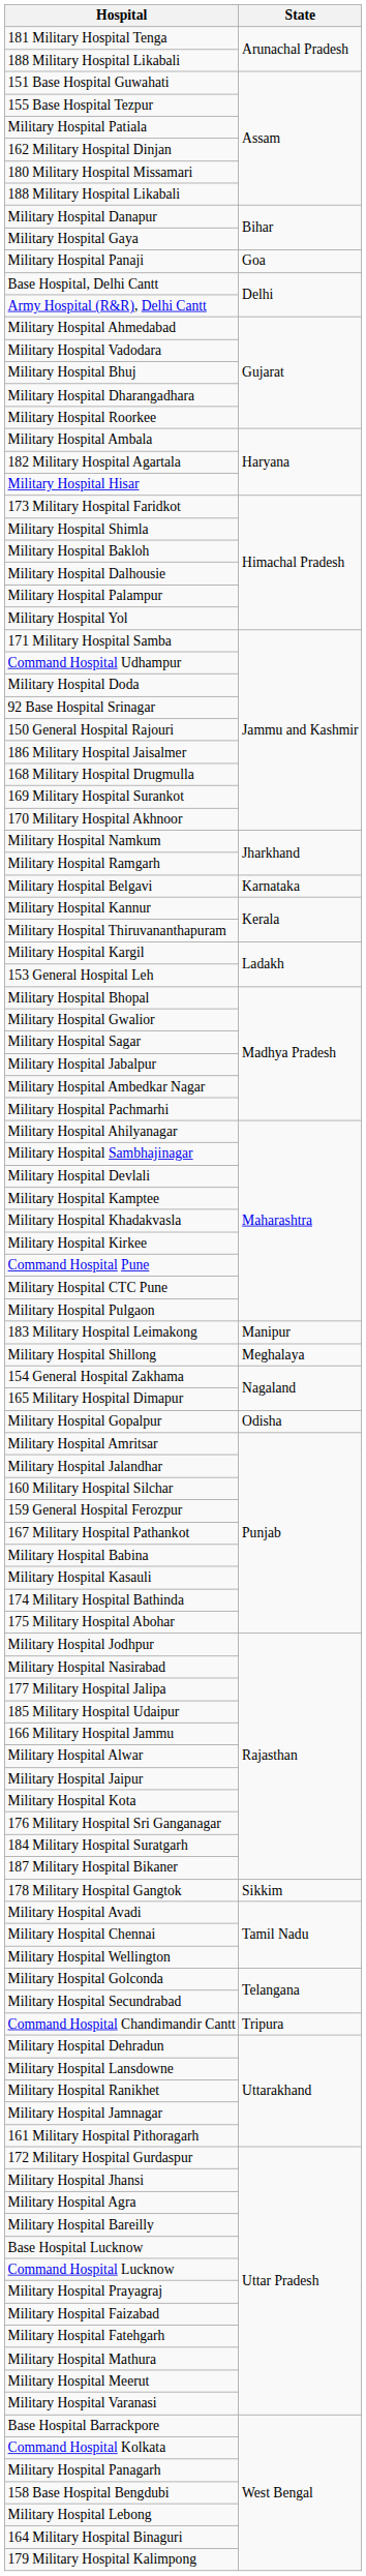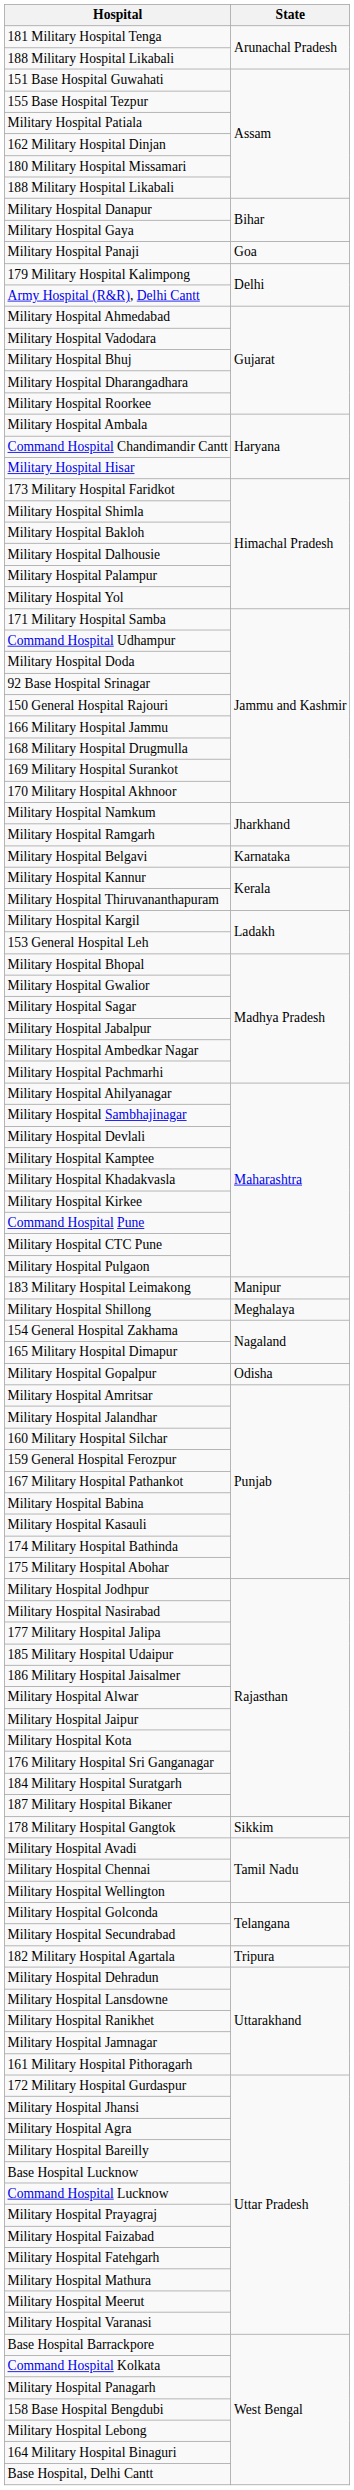 <table class="wikitable sortable">
 <tr>
 <th style="text-align:center;">Hospital</th>
 <th style="text-align:center;">State</th>
 </tr>
 <tr>
 <td>181 Military Hospital Tenga</td>
 <td rowspan="2">Arunachal Pradesh</td>
 </tr>
 <tr>
 <td>188 Military Hospital Likabali</td>
 </tr>
 <tr>
 <td>151 Base Hospital Guwahati</td>
 <td rowspan="6">Assam</td>
 </tr>
 <tr>
 <td>155 Base Hospital Tezpur</td>
 </tr>
 <tr>
 <td>Military Hospital Patiala</td>
 </tr>
 <tr>
 <td>162 Military Hospital Dinjan</td>
 </tr>
 <tr>
 <td>180 Military Hospital Missamari</td>
 </tr>
 <tr>
 <td>188 Military Hospital Likabali</td>
 </tr>
 <tr>
 <td>Military Hospital Danapur</td>
 <td rowspan="2">Bihar</td>
 </tr>
 <tr>
 <td>Military Hospital Gaya</td>
 </tr>
 <tr>
 <td>Military Hospital Panaji</td>
 <td>Goa</td>
 </tr>
 <tr>
-<td>Base Hospital, Delhi Cantt</td>
+<td>179 Military Hospital Kalimpong</td>
 <td rowspan="2">Delhi</td>
 </tr>
 <tr>
 <td><a href='#'>Army Hospital (R&R)</a>, <a href='#'> Delhi Cantt</a></td>
 </tr>
 <tr>
 <td>Military Hospital Ahmedabad</td>
 <td rowspan="5">Gujarat</td>
 </tr>
 <tr>
 <td>Military Hospital Vadodara</td>
 </tr>
 <tr>
 <td>Military Hospital Bhuj</td>
 </tr>
 <tr>
 <td>Military Hospital Dharangadhara</td>
 </tr>
 <tr>
 <td>Military Hospital Roorkee</td>
 </tr>
 <tr>
 <td>Military Hospital Ambala</td>
 <td rowspan="3">Haryana</td>
 </tr>
 <tr>
-<td>182 Military Hospital Agartala</td>
+<td><a href='#'>Command Hospital</a> Chandimandir Cantt</td>
 </tr>
 <tr>
 <td><a href='#'>Military Hospital Hisar</a></td>
 </tr>
 <tr>
 <td>173 Military Hospital Faridkot</td>
 <td rowspan="6">Himachal Pradesh</td>
 </tr>
 <tr>
 <td>Military Hospital Shimla</td>
 </tr>
 <tr>
 <td>Military Hospital Bakloh</td>
 </tr>
 <tr>
 <td>Military Hospital Dalhousie</td>
 </tr>
 <tr>
 <td>Military Hospital Palampur</td>
 </tr>
 <tr>
 <td>Military Hospital Yol</td>
 </tr>
 <tr>
 <td>171 Military Hospital Samba</td>
 <td rowspan="9">Jammu and Kashmir</td>
 </tr>
 <tr>
 <td><a href='#'>Command Hospital</a> Udhampur</td>
 </tr>
 <tr>
 <td>Military Hospital Doda</td>
 </tr>
 <tr>
 <td>92 Base Hospital Srinagar</td>
 </tr>
 <tr>
 <td>150 General Hospital Rajouri</td>
 </tr>
 <tr>
-<td>186 Military Hospital Jaisalmer</td>
+<td>166 Military Hospital Jammu</td>
 </tr>
 <tr>
 <td>168 Military Hospital Drugmulla</td>
 </tr>
 <tr>
 <td>169 Military Hospital Surankot</td>
 </tr>
 <tr>
 <td>170 Military Hospital Akhnoor</td>
 </tr>
 <tr>
 <td>Military Hospital Namkum</td>
 <td rowspan="2">Jharkhand</td>
 </tr>
 <tr>
 <td>Military Hospital Ramgarh</td>
 </tr>
 <tr>
 <td>Military Hospital Belgavi</td>
 <td rowspan="1">Karnataka</td>
 </tr>
 <tr>
 <td>Military Hospital Kannur</td>
 <td rowspan="2">Kerala</td>
 </tr>
 <tr>
 <td>Military Hospital Thiruvananthapuram</td>
 </tr>
 <tr>
 <td>Military Hospital Kargil</td>
 <td rowspan="2">Ladakh</td>
 </tr>
 <tr>
 <td>153 General Hospital Leh</td>
 </tr>
 <tr>
 <td>Military Hospital Bhopal</td>
 <td rowspan="6">Madhya Pradesh</td>
 </tr>
 <tr>
 <td>Military Hospital Gwalior</td>
 </tr>
 <tr>
 <td>Military Hospital Sagar</td>
 </tr>
 <tr>
 <td>Military Hospital Jabalpur</td>
 </tr>
 <tr>
 <td>Military Hospital Ambedkar Nagar</td>
 </tr>
 <tr>
 <td>Military Hospital Pachmarhi</td>
 </tr>
 <tr>
 <td>Military Hospital Ahilyanagar</td>
 <td rowspan="9"><a href='#'>Maharashtra</a></td>
 </tr>
 <tr>
 <td>Military Hospital <a href='#'> Sambhajinagar</a></td>
 </tr>
 <tr>
 <td>Military Hospital Devlali</td>
 </tr>
 <tr>
 <td>Military Hospital Kamptee</td>
 </tr>
 <tr>
 <td>Military Hospital Khadakvasla</td>
 </tr>
 <tr>
 <td>Military Hospital Kirkee</td>
 </tr>
 <tr>
 <td><a href='#'>Command Hospital</a> <a href='#'>Pune</a></td>
 </tr>
 <tr>
 <td>Military Hospital CTC Pune</td>
 </tr>
 <tr>
 <td>Military Hospital Pulgaon</td>
 </tr>
 <tr>
 <td>183 Military Hospital Leimakong</td>
 <td>Manipur</td>
 </tr>
 <tr>
 <td>Military Hospital Shillong</td>
 <td>Meghalaya</td>
 </tr>
 <tr>
 <td>154 General Hospital Zakhama</td>
 <td rowspan="2">Nagaland</td>
 </tr>
 <tr>
 <td>165 Military Hospital Dimapur</td>
 </tr>
 <tr>
 <td>Military Hospital Gopalpur</td>
 <td>Odisha</td>
 </tr>
 <tr>
 <td>Military Hospital Amritsar</td>
 <td rowspan="9">Punjab</td>
 </tr>
 <tr>
 <td>Military Hospital Jalandhar</td>
 </tr>
 <tr>
 <td>160 Military Hospital Silchar</td>
 </tr>
 <tr>
 <td>159 General Hospital Ferozpur</td>
 </tr>
 <tr>
 <td>167 Military Hospital Pathankot</td>
 </tr>
 <tr>
 <td>Military Hospital Babina</td>
 </tr>
 <tr>
 <td>Military Hospital Kasauli</td>
 </tr>
 <tr>
 <td>174 Military Hospital Bathinda</td>
 </tr>
 <tr>
 <td>175 Military Hospital Abohar</td>
 </tr>
 <tr>
 <td>Military Hospital Jodhpur</td>
 <td rowspan="11">Rajasthan</td>
 </tr>
 <tr>
 <td>Military Hospital Nasirabad</td>
 </tr>
 <tr>
 <td>177 Military Hospital Jalipa</td>
 </tr>
 <tr>
 <td>185 Military Hospital Udaipur</td>
 </tr>
 <tr>
-<td>166 Military Hospital Jammu</td>
+<td>186 Military Hospital Jaisalmer</td>
 </tr>
 <tr>
 <td>Military Hospital Alwar</td>
 </tr>
 <tr>
 <td>Military Hospital Jaipur</td>
 </tr>
 <tr>
 <td>Military Hospital Kota</td>
 </tr>
 <tr>
 <td>176 Military Hospital Sri Ganganagar</td>
 </tr>
 <tr>
 <td>184 Military Hospital Suratgarh</td>
 </tr>
 <tr>
 <td>187 Military Hospital Bikaner</td>
 </tr>
 <tr>
 <td>178 Military Hospital Gangtok</td>
 <td>Sikkim</td>
 </tr>
 <tr>
 <td>Military Hospital Avadi</td>
 <td rowspan= "3">Tamil Nadu</td>
 </tr>
 <tr>
 <td>Military Hospital Chennai</td>
 </tr>
 <tr>
 <td>Military Hospital Wellington</td>
 </tr>
 <tr>
 <td>Military Hospital Golconda</td>
 <td rowspan="2">Telangana</td>
 </tr>
 <tr>
 <td>Military Hospital Secundrabad</td>
 </tr>
 <tr>
-<td><a href='#'>Command Hospital</a> Chandimandir Cantt</td>
+<td>182 Military Hospital Agartala</td>
 <td>Tripura</td>
 </tr>
 <tr>
 <td>Military Hospital Dehradun</td>
 <td rowspan="5">Uttarakhand</td>
 </tr>
 <tr>
 <td>Military Hospital Lansdowne</td>
 </tr>
 <tr>
 <td>Military Hospital Ranikhet</td>
 </tr>
 <tr>
 <td>Military Hospital Jamnagar</td>
 </tr>
 <tr>
 <td>161 Military Hospital Pithoragarh</td>
 </tr>
 <tr 2009 field hospital Joshimath>
 <td>172 Military Hospital Gurdaspur</td>
 <td rowspan="12">Uttar Pradesh</td>
 </tr>
 <tr>
 <td>Military Hospital Jhansi</td>
 </tr>
 <tr>
 <td>Military Hospital Agra</td>
 </tr>
 <tr>
 <td>Military Hospital Bareilly</td>
 </tr>
 <tr>
 <td>Base Hospital Lucknow</td>
 </tr>
 <tr>
 <td><a href='#'>Command Hospital</a> Lucknow</td>
 </tr>
 <tr>
 <td>Military Hospital Prayagraj</td>
 </tr>
 <tr>
 <td>Military Hospital Faizabad</td>
 </tr>
 <tr>
 <td>Military Hospital Fatehgarh</td>
 </tr>
 <tr>
 <td>Military Hospital Mathura</td>
 </tr>
 <tr>
 <td>Military Hospital Meerut</td>
 </tr>
 <tr>
 <td>Military Hospital Varanasi</td>
 </tr>
 <tr>
 <td>Base Hospital Barrackpore</td>
 <td rowspan="7">West Bengal</td>
 </tr>
 <tr>
 <td><a href='#'>Command Hospital</a> Kolkata</td>
 </tr>
 <tr>
 <td>Military Hospital Panagarh</td>
 </tr>
 <tr>
 <td>158 Base Hospital Bengdubi</td>
 </tr>
 <tr>
 <td>Military Hospital Lebong</td>
 </tr>
 <tr>
 <td>164 Military Hospital Binaguri</td>
 </tr>
 <tr>
-<td>179 Military Hospital Kalimpong</td>
+<td>Base Hospital, Delhi Cantt</td>
 </tr>
 </table>
